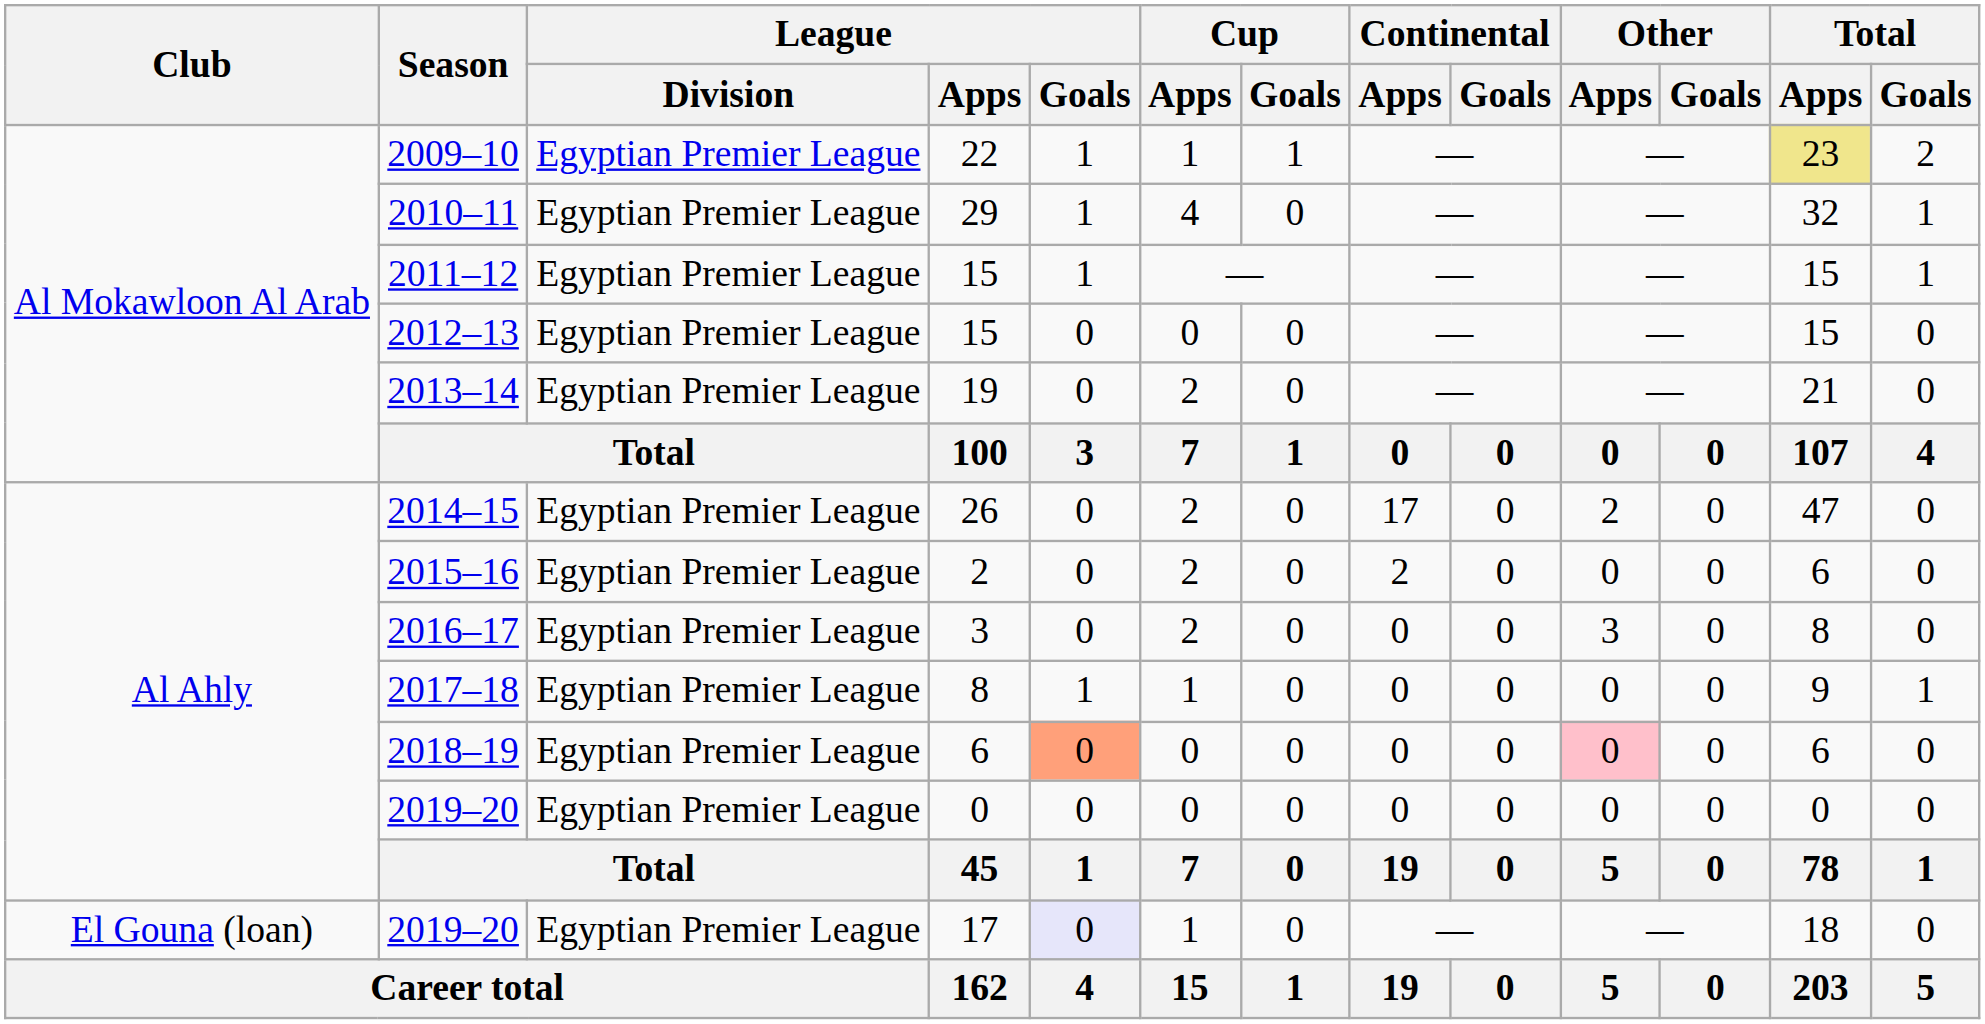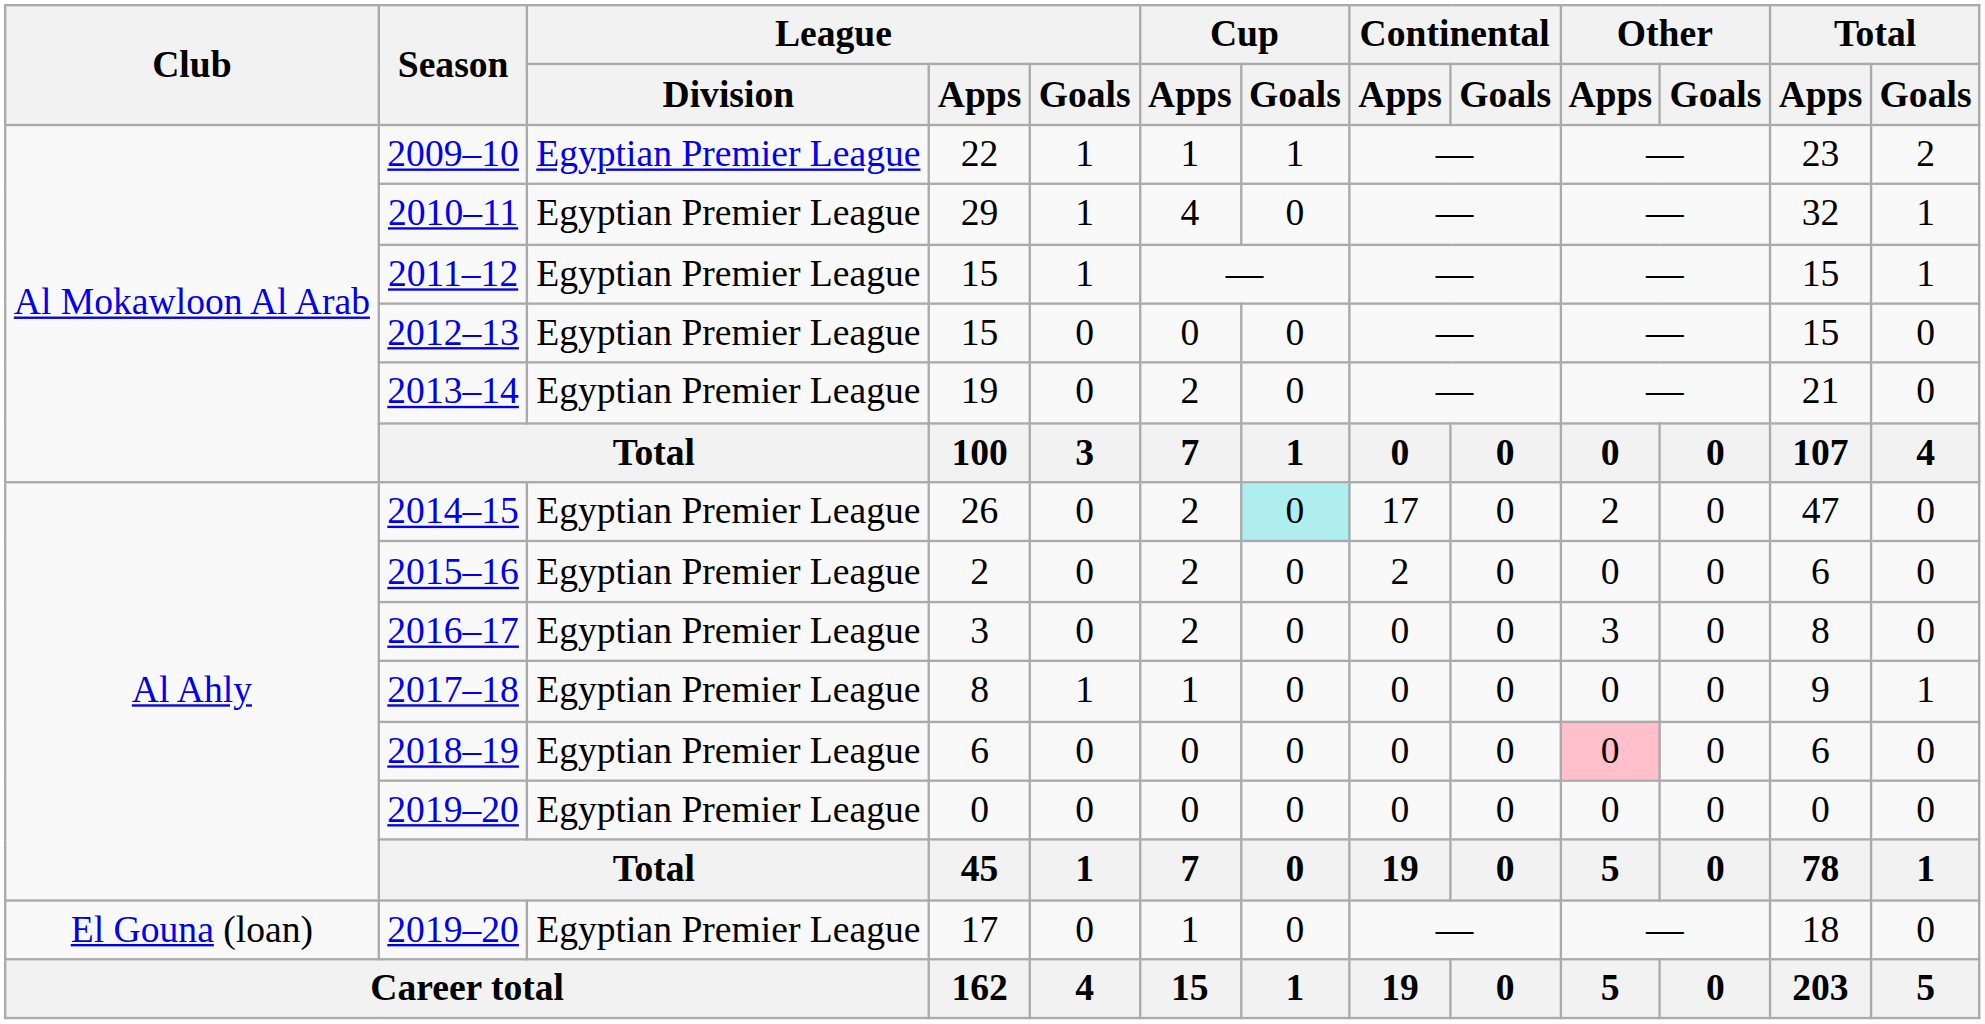 <table class="wikitable" style="text-align: center;">
 <tr>
 <th rowspan=2>Club</th>
 <th rowspan=2>Season</th>
 <th colspan=3>League</th>
 <th colspan=2>Cup</th>
 <th colspan=2>Continental</th>
 <th colspan=2>Other</th>
 <th colspan=2>Total</th>
 </tr>
 <tr>
 <th>Division</th>
 <th>Apps</th>
 <th>Goals</th>
 <th>Apps</th>
 <th>Goals</th>
 <th>Apps</th>
 <th>Goals</th>
 <th>Apps</th>
 <th>Goals</th>
 <th>Apps</th>
 <th>Goals</th>
 </tr>
 <tr>
 <td rowspan=6><a href='#'>Al Mokawloon Al Arab</a></td>
 <td><a href='#'>2009–10</a></td>
 <td><a href='#'>Egyptian Premier League</a></td>
 <td>22</td>
 <td>1</td>
 <td>1</td>
 <td>1</td>
 <td colspan=2>—</td>
 <td colspan=2>—</td>
-<td style="background: khaki;">23</td>
+<td>23</td>
 <td>2</td>
 </tr>
 <tr>
 <td><a href='#'>2010–11</a></td>
 <td>Egyptian Premier League</td>
 <td>29</td>
 <td>1</td>
 <td>4</td>
 <td>0</td>
 <td colspan=2>—</td>
 <td colspan=2>—</td>
 <td>32</td>
 <td>1</td>
 </tr>
 <tr>
 <td><a href='#'>2011–12</a></td>
 <td>Egyptian Premier League</td>
 <td>15</td>
 <td>1</td>
 <td colspan=2>—</td>
 <td colspan=2>—</td>
 <td colspan=2>—</td>
 <td>15</td>
 <td>1</td>
 </tr>
 <tr>
 <td><a href='#'>2012–13</a></td>
 <td>Egyptian Premier League</td>
 <td>15</td>
 <td>0</td>
 <td>0</td>
 <td>0</td>
 <td colspan=2>—</td>
 <td colspan=2>—</td>
 <td>15</td>
 <td>0</td>
 </tr>
 <tr>
 <td><a href='#'>2013–14</a></td>
 <td>Egyptian Premier League</td>
 <td>19</td>
 <td>0</td>
 <td>2</td>
 <td>0</td>
 <td colspan=2>—</td>
 <td colspan=2>—</td>
 <td>21</td>
 <td>0</td>
 </tr>
 <tr>
 <th colspan=2>Total</th>
 <th>100</th>
 <th>3</th>
 <th>7</th>
 <th>1</th>
 <th>0</th>
 <th>0</th>
 <th>0</th>
 <th>0</th>
 <th>107</th>
 <th>4</th>
 </tr>
 <tr>
 <td rowspan=7><a href='#'>Al Ahly</a></td>
 <td><a href='#'>2014–15</a></td>
 <td>Egyptian Premier League</td>
 <td>26</td>
 <td>0</td>
 <td>2</td>
-<td>0</td>
+<td style="background: paleturquoise;">0</td>
 <td>17</td>
 <td>0</td>
 <td>2</td>
 <td>0</td>
 <td>47</td>
 <td>0</td>
 </tr>
 <tr>
 <td><a href='#'>2015–16</a></td>
 <td>Egyptian Premier League</td>
 <td>2</td>
 <td>0</td>
 <td>2</td>
 <td>0</td>
 <td>2</td>
 <td>0</td>
 <td>0</td>
 <td>0</td>
 <td>6</td>
 <td>0</td>
 </tr>
 <tr>
 <td><a href='#'>2016–17</a></td>
 <td>Egyptian Premier League</td>
 <td>3</td>
 <td>0</td>
 <td>2</td>
 <td>0</td>
 <td>0</td>
 <td>0</td>
 <td>3</td>
 <td>0</td>
 <td>8</td>
 <td>0</td>
 </tr>
 <tr>
 <td><a href='#'>2017–18</a></td>
 <td>Egyptian Premier League</td>
 <td>8</td>
 <td>1</td>
 <td>1</td>
 <td>0</td>
 <td>0</td>
 <td>0</td>
 <td>0</td>
 <td>0</td>
 <td>9</td>
 <td>1</td>
 </tr>
 <tr>
 <td><a href='#'>2018–19</a></td>
 <td>Egyptian Premier League</td>
 <td>6</td>
-<td style="background: lightsalmon;">0</td>
+<td>0</td>
 <td>0</td>
 <td>0</td>
 <td>0</td>
 <td>0</td>
 <td style="background: pink;">0</td>
 <td>0</td>
 <td>6</td>
 <td>0</td>
 </tr>
 <tr>
 <td><a href='#'>2019–20</a></td>
 <td>Egyptian Premier League</td>
 <td>0</td>
 <td>0</td>
 <td>0</td>
 <td>0</td>
 <td>0</td>
 <td>0</td>
 <td>0</td>
 <td>0</td>
 <td>0</td>
 <td>0</td>
 </tr>
 <tr>
 <th colspan=2>Total</th>
 <th>45</th>
 <th>1</th>
 <th>7</th>
 <th>0</th>
 <th>19</th>
 <th>0</th>
 <th>5</th>
 <th>0</th>
 <th>78</th>
 <th>1</th>
 </tr>
 <tr>
 <td><a href='#'>El Gouna</a> (loan)</td>
 <td><a href='#'>2019–20</a></td>
 <td>Egyptian Premier League</td>
 <td>17</td>
-<td style="background: lavender;">0</td>
+<td>0</td>
 <td>1</td>
 <td>0</td>
 <td colspan=2>—</td>
 <td colspan=2>—</td>
 <td>18</td>
 <td>0</td>
 </tr>
 <tr>
 <th colspan=3>Career total</th>
 <th>162</th>
 <th>4</th>
 <th>15</th>
 <th>1</th>
 <th>19</th>
 <th>0</th>
 <th>5</th>
 <th>0</th>
 <th>203</th>
 <th>5</th>
 </tr>
 </table>
